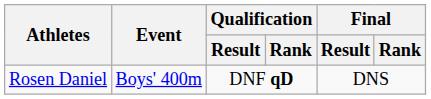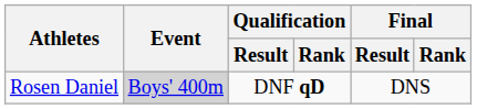 <table class="wikitable" border="1" style="font-size:90%">
 <tr>
 <th rowspan=2>Athletes</th>
 <th rowspan=2>Event</th>
 <th colspan=2>Qualification</th>
 <th colspan=2>Final</th>
 </tr>
 <tr>
 <th>Result</th>
 <th>Rank</th>
 <th>Result</th>
 <th>Rank</th>
 </tr>
 <tr>
 <td><a href='#'>Rosen Daniel</a></td>
-<td><a href='#'>Boys' 400m</a></td>
+<td style="background: lightgrey;"><a href='#'>Boys' 400m</a></td>
 <td align=center colspan=2>DNF <strong>qD</strong></td>
 <td align=center colspan=2>DNS</td>
 </tr>
 </table>
